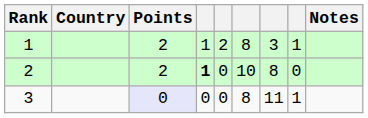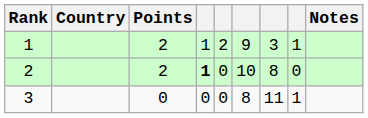 <table class="wikitable sortable" style="text-align: center;">
 <tr>
 <th>Rank</th>
 <th>Country</th>
 <th>Points</th>
 <th></th>
 <th></th>
 <th></th>
 <th></th>
 <th></th>
 <th>Notes</th>
 </tr>
 <tr style="background:#cfc;">
 <td>1</td>
 <td align=left></td>
 <td>2</td>
 <td>1</td>
 <td>2</td>
-<td>8</td>
+<td>9</td>
 <td>3</td>
 <td>1</td>
 <td></td>
 </tr>
 <tr style="background:#cfc;">
 <td>2</td>
 <td align=left></td>
 <td>2</td>
 <td><strong>1</strong></td>
 <td>0</td>
 <td>10</td>
 <td>8</td>
 <td>0</td>
 <td></td>
 </tr>
 <tr>
 <td>3</td>
 <td align=left></td>
-<td style="background: lavender;">0</td>
+<td>0</td>
 <td>0</td>
 <td>0</td>
 <td>8</td>
 <td>11</td>
 <td>1</td>
 <td></td>
 </tr>
 </table>
